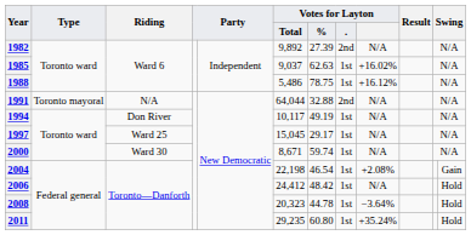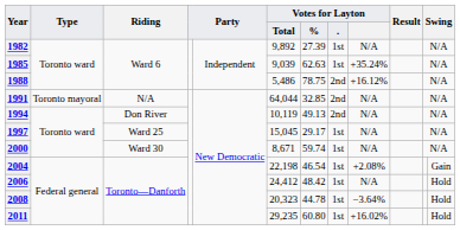 <table class="wikitable" style="font-size:90%; text-align:center;">
 <tr>
 <th rowspan="2" style="background:#eaecf0;">Year</th>
 <th rowspan="2" style="background:#eaecf0;">Type</th>
 <th rowspan="2">Riding</th>
 <th colspan="2" rowspan="2" style="background:#eaecf0;">Party</th>
 <th colspan="4" style="background:#eaecf0;">Votes for Layton</th>
 <th rowspan="2">Result</th>
 <th colspan="2" rowspan="2">Swing</th>
 </tr>
 <tr>
 <th style="background:#eaecf0;">Total</th>
 <th style="background:#eaecf0;">%</th>
 <th style="background:#eaecf0;">.</th>
 <th></th>
 </tr>
 <tr>
 <th><a href='#'>1982</a></th>
 <td rowspan="3">Toronto ward</td>
 <td rowspan="3">Ward 6</td>
 <td rowspan="3" style="background-color:"></td>
 <td rowspan="3">Independent</td>
 <td>9,892</td>
 <td>27.39</td>
-<td>2nd</td>
+<td>1st</td>
 <td>N/A</td>
 <td></td>
 <td colspan="2">N/A</td>
 </tr>
 <tr>
 <th><a href='#'>1985</a></th>
-<td>9,037</td>
+<td>9,039</td>
 <td>62.63</td>
 <td>1st</td>
-<td>+16.02%</td>
+<td>+35.24%</td>
 <td></td>
 <td colspan="2">N/A</td>
 </tr>
 <tr>
 <th><a href='#'>1988</a></th>
 <td>5,486</td>
 <td>78.75</td>
-<td>1st</td>
+<td>2nd</td>
 <td>+16.12%</td>
 <td></td>
 <td colspan="2">N/A</td>
 </tr>
 <tr>
 <th><a href='#'>1991</a></th>
 <td>Toronto mayoral</td>
 <td>N/A</td>
 <td rowspan="8" style="background-color:"></td>
 <td rowspan="8"><a href='#'>New Democratic</a></td>
 <td>64,044</td>
-<td>32.88</td>
+<td>32.85</td>
 <td>2nd</td>
 <td>N/A</td>
 <td></td>
 <td colspan="2">N/A</td>
 </tr>
 <tr>
 <th><a href='#'>1994</a></th>
 <td rowspan="3">Toronto ward</td>
 <td>Don River</td>
-<td>10,117</td>
-<td>49.19</td>
-<td>1st</td>
+<td>10,119</td>
+<td>49.13</td>
+<td>2nd</td>
 <td>N/A</td>
 <td></td>
 <td colspan="2">N/A</td>
 </tr>
 <tr>
 <th><a href='#'>1997</a></th>
 <td>Ward 25</td>
 <td>15,045</td>
 <td>29.17</td>
 <td>1st</td>
 <td>N/A</td>
 <td></td>
 <td colspan="2">N/A</td>
 </tr>
 <tr>
 <th><a href='#'>2000</a></th>
 <td>Ward 30</td>
 <td>8,671</td>
 <td>59.74</td>
 <td>1st</td>
 <td>N/A</td>
 <td></td>
 <td colspan="2">N/A</td>
 </tr>
 <tr>
 <th><a href='#'>2004</a></th>
 <td rowspan="4">Federal general</td>
 <td rowspan="4"><a href='#'>Toronto—Danforth</a></td>
 <td>22,198</td>
 <td>46.54</td>
 <td>1st</td>
 <td>+2.08%</td>
 <td></td>
 <td style="background-color:"></td>
 <td>Gain</td>
 </tr>
 <tr>
 <th><a href='#'>2006</a></th>
 <td>24,412</td>
 <td>48.42</td>
 <td>1st</td>
 <td>N/A</td>
 <td></td>
 <td style="background-color:"></td>
 <td>Hold</td>
 </tr>
 <tr>
 <th><a href='#'>2008</a></th>
 <td>20,323</td>
 <td>44.78</td>
 <td>1st</td>
 <td>−3.64%</td>
 <td></td>
 <td style="background-color:"></td>
 <td>Hold</td>
 </tr>
 <tr>
 <th><a href='#'>2011</a></th>
 <td>29,235</td>
 <td>60.80</td>
 <td>1st</td>
-<td>+35.24%</td>
+<td>+16.02%</td>
 <td></td>
 <td style="background-color:"></td>
 <td>Hold</td>
 </tr>
 </table>
